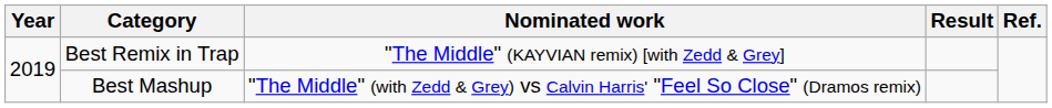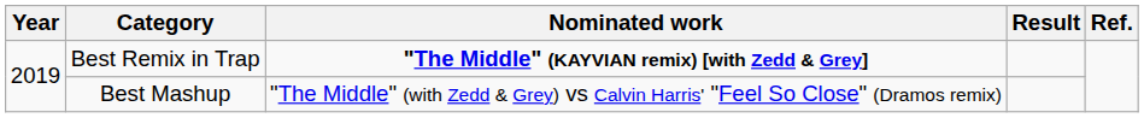 <table class="wikitable" style="text-align:center;">
 <tr>
 <th>Year</th>
 <th>Category</th>
 <th>Nominated work</th>
 <th>Result</th>
 <th>Ref.</th>
 </tr>
 <tr>
 <td rowspan="2">2019</td>
 <td>Best Remix in Trap</td>
-<td>"<a href='#'>The Middle</a>" <small>(KAYVIAN remix) [with <a href='#'>Zedd</a> & <a href='#'>Grey</a>]</small></td>
+<td><strong>"<a href='#'>The Middle</a>" <small>(KAYVIAN remix) [with <a href='#'>Zedd</a> & <a href='#'>Grey</a>]</small></strong></td>
 <td></td>
 <td rowspan="2"></td>
 </tr>
 <tr>
 <td>Best Mashup</td>
 <td>"<a href='#'>The Middle</a>" <small>(with <a href='#'>Zedd</a> & <a href='#'>Grey</a>)</small> vs <small><a href='#'>Calvin Harris</a>'</small> "<a href='#'>Feel So Close</a>" <small>(Dramos remix)</small></td>
 <td></td>
 </tr>
 </table>
